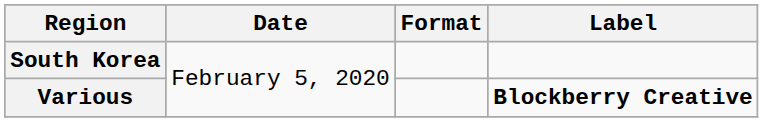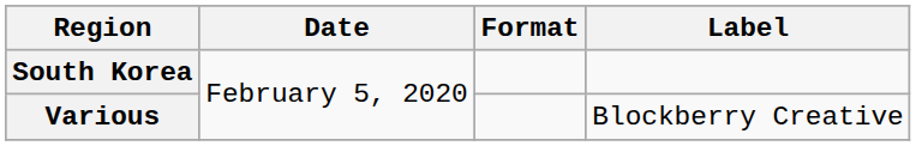 <table class="wikitable plainrowheaders">
 <tr>
 <th>Region</th>
 <th>Date</th>
 <th>Format</th>
 <th>Label</th>
 </tr>
 <tr>
 <th scope="row">South Korea</th>
 <td rowspan="2">February 5, 2020</td>
 <td rowspan="1"></td>
 <td></td>
 </tr>
 <tr>
 <th scope="row">Various</th>
 <td rowspan="2"></td>
-<td><strong>Blockberry Creative</strong></td>
+<td>Blockberry Creative</td>
 </tr>
 </table>
